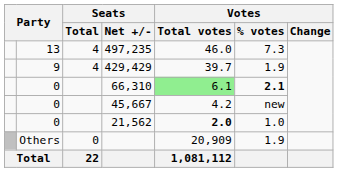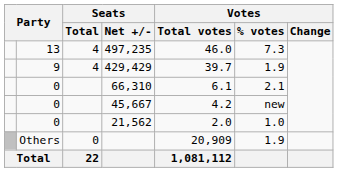 <table class="wikitable" style="text-align:right; font-size:95%;">
 <tr>
 <th colspan="2" rowspan="2">Party</th>
 <th colspan="2">Seats</th>
 <th colspan="3">Votes</th>
 </tr>
 <tr>
 <th>Total</th>
 <th>Net +/-</th>
 <th>Total votes</th>
 <th>% votes</th>
 <th>Change</th>
 </tr>
 <tr>
 <td></td>
 <td>13</td>
 <td>4</td>
 <td>497,235</td>
 <td>46.0</td>
 <td>7.3</td>
 </tr>
 <tr>
 <td></td>
 <td>9</td>
 <td>4</td>
 <td>429,429</td>
 <td>39.7</td>
 <td>1.9</td>
 </tr>
 <tr>
 <td></td>
 <td>0</td>
 <td></td>
 <td>66,310</td>
-<td style="background: lightgreen;">6.1</td>
-<td><strong>2.1</strong></td>
+<td>6.1</td>
+<td>2.1</td>
 </tr>
 <tr>
 <td></td>
 <td>0</td>
 <td></td>
 <td>45,667</td>
 <td>4.2</td>
 <td>new</td>
 </tr>
 <tr>
 <td></td>
 <td>0</td>
 <td></td>
 <td>21,562</td>
-<td><strong>2.0</strong></td>
+<td>2.0</td>
 <td>1.0</td>
 </tr>
 <tr>
 <td style="background:silver;"> </td>
 <td align=left>Others</td>
 <td>0</td>
 <td></td>
 <td>20,909</td>
 <td>1.9</td>
 <td></td>
 </tr>
 <tr>
 <th colspan="2" style="background:#f2f2f2">Total</th>
 <td style="background:#f2f2f2;"><strong>22</strong></td>
 <td style="background:#f2f2f2;"></td>
 <td style="background:#f2f2f2;"><strong>1,081,112</strong></td>
 <td style="background:#f2f2f2;"></td>
 <td style="background:#f2f2f2;"></td>
 </tr>
 </table>
